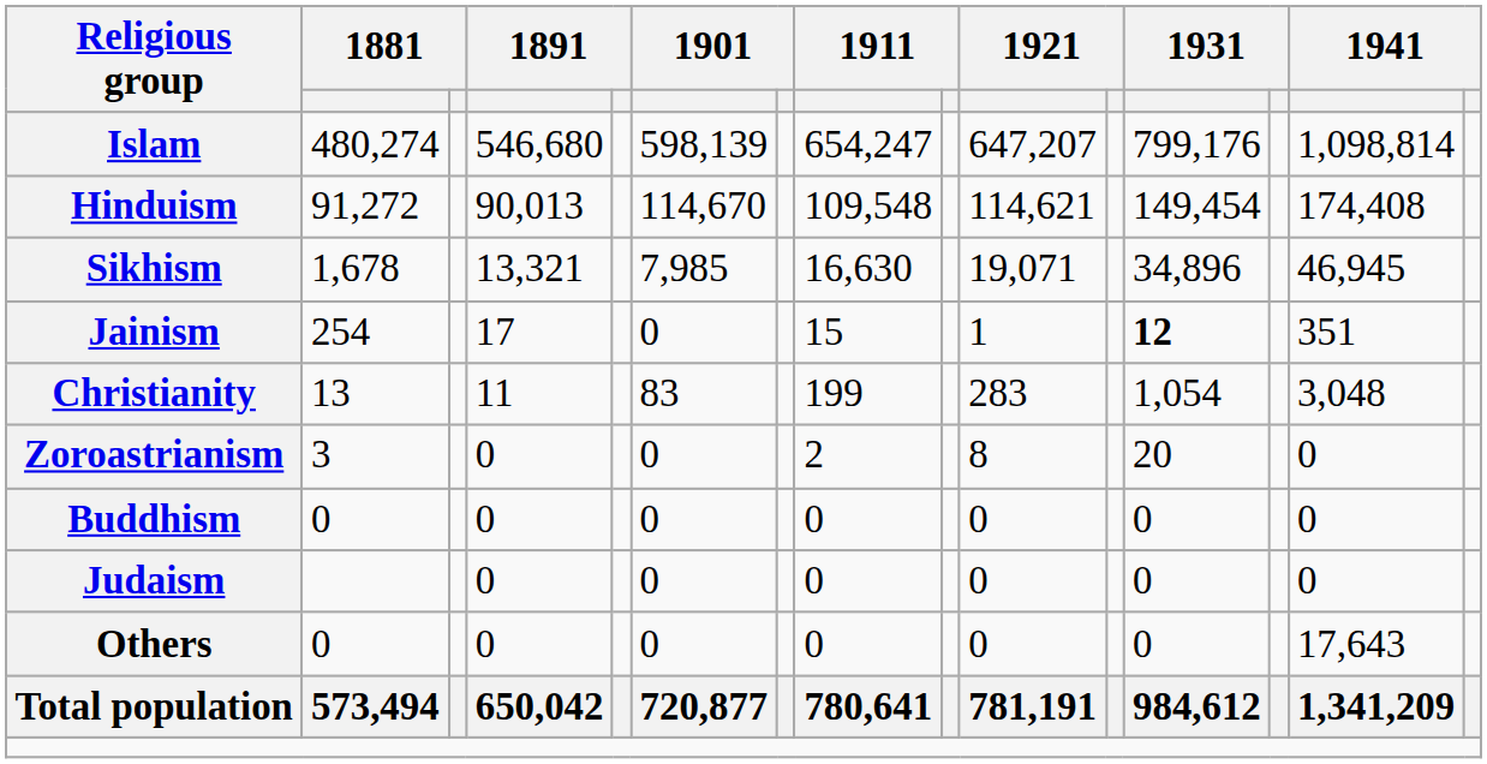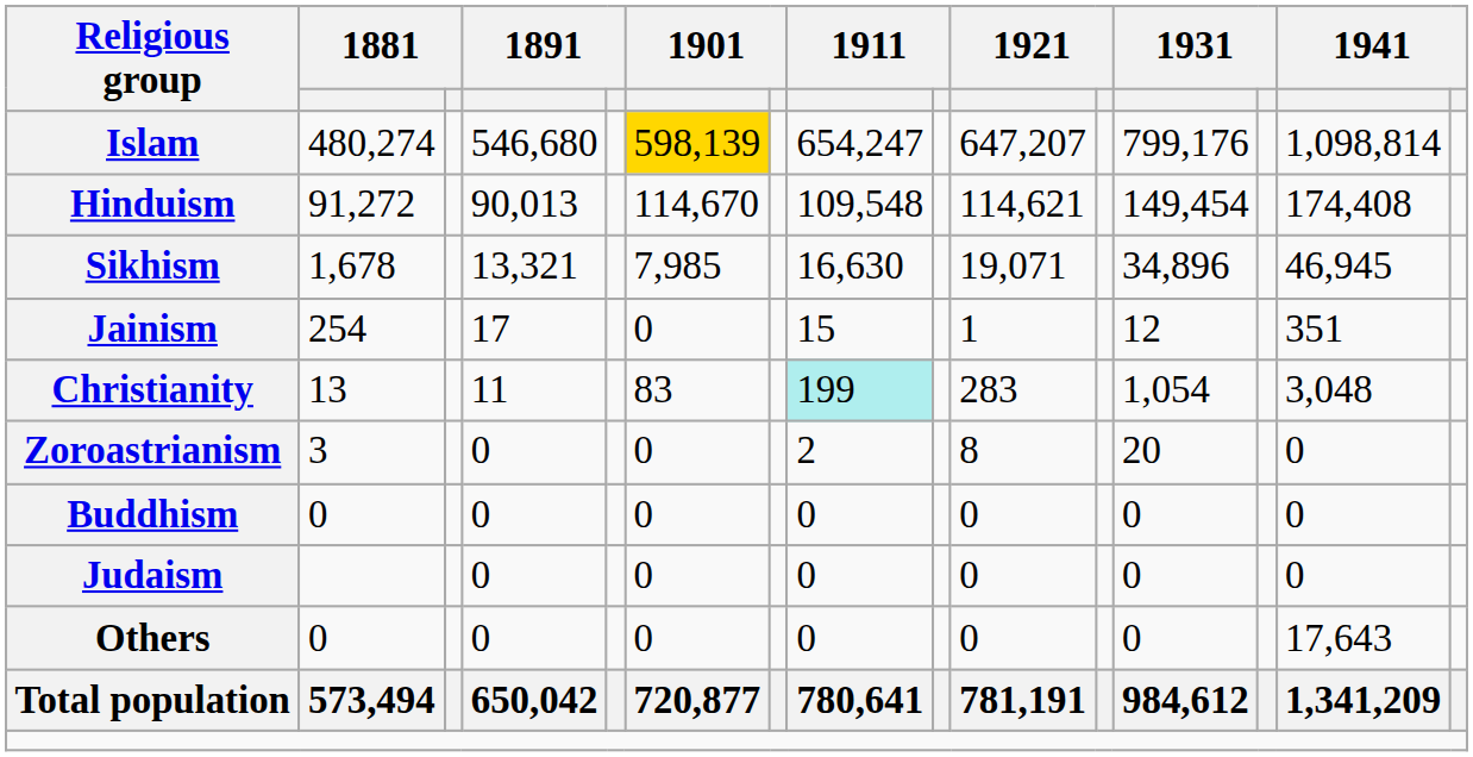 <table class="wikitable sortable">
 <tr>
 <th rowspan="2"><a href='#'>Religious</a><br>group</th>
 <th colspan="2">1881</th>
 <th colspan="2">1891</th>
 <th colspan="2">1901</th>
 <th colspan="2">1911</th>
 <th colspan="2">1921</th>
 <th colspan="2">1931</th>
 <th colspan="2">1941</th>
 </tr>
 <tr>
 <th><a href='#'></a></th>
 <th></th>
 <th></th>
 <th></th>
 <th></th>
 <th></th>
 <th></th>
 <th></th>
 <th></th>
 <th></th>
 <th></th>
 <th></th>
 <th></th>
 <th></th>
 </tr>
 <tr>
 <th><a href='#'>Islam</a> </th>
 <td>480,274</td>
 <td></td>
 <td>546,680</td>
 <td></td>
-<td>598,139</td>
+<td style="background: gold;">598,139</td>
 <td></td>
 <td>654,247</td>
 <td></td>
 <td>647,207</td>
 <td></td>
 <td>799,176</td>
 <td></td>
 <td>1,098,814</td>
 <td></td>
 </tr>
 <tr>
 <th><a href='#'>Hinduism</a> </th>
 <td>91,272</td>
 <td></td>
 <td>90,013</td>
 <td></td>
 <td>114,670</td>
 <td></td>
 <td>109,548</td>
 <td></td>
 <td>114,621</td>
 <td></td>
 <td>149,454</td>
 <td></td>
 <td>174,408</td>
 <td></td>
 </tr>
 <tr>
 <th><a href='#'>Sikhism</a> </th>
 <td>1,678</td>
 <td></td>
 <td>13,321</td>
 <td></td>
 <td>7,985</td>
 <td></td>
 <td>16,630</td>
 <td></td>
 <td>19,071</td>
 <td></td>
 <td>34,896</td>
 <td></td>
 <td>46,945</td>
 <td></td>
 </tr>
 <tr>
 <th><a href='#'>Jainism</a> </th>
 <td>254</td>
 <td></td>
 <td>17</td>
 <td></td>
 <td>0</td>
 <td></td>
 <td>15</td>
 <td></td>
 <td>1</td>
 <td></td>
-<td><strong>12</strong></td>
+<td>12</td>
 <td></td>
 <td>351</td>
 <td></td>
 </tr>
 <tr>
 <th><a href='#'>Christianity</a> </th>
 <td>13</td>
 <td></td>
 <td>11</td>
 <td></td>
 <td>83</td>
 <td></td>
-<td>199</td>
+<td style="background: paleturquoise;">199</td>
 <td></td>
 <td>283</td>
 <td></td>
 <td>1,054</td>
 <td></td>
 <td>3,048</td>
 <td></td>
 </tr>
 <tr>
 <th><a href='#'>Zoroastrianism</a> </th>
 <td>3</td>
 <td></td>
 <td>0</td>
 <td></td>
 <td>0</td>
 <td></td>
 <td>2</td>
 <td></td>
 <td>8</td>
 <td></td>
 <td>20</td>
 <td></td>
 <td>0</td>
 <td></td>
 </tr>
 <tr>
 <th><a href='#'>Buddhism</a> </th>
 <td>0</td>
 <td></td>
 <td>0</td>
 <td></td>
 <td>0</td>
 <td></td>
 <td>0</td>
 <td></td>
 <td>0</td>
 <td></td>
 <td>0</td>
 <td></td>
 <td>0</td>
 <td></td>
 </tr>
 <tr>
 <th><a href='#'>Judaism</a> </th>
 <td></td>
 <td></td>
 <td>0</td>
 <td></td>
 <td>0</td>
 <td></td>
 <td>0</td>
 <td></td>
 <td>0</td>
 <td></td>
 <td>0</td>
 <td></td>
 <td>0</td>
 <td></td>
 </tr>
 <tr>
 <th>Others</th>
 <td>0</td>
 <td></td>
 <td>0</td>
 <td></td>
 <td>0</td>
 <td></td>
 <td>0</td>
 <td></td>
 <td>0</td>
 <td></td>
 <td>0</td>
 <td></td>
 <td>17,643</td>
 <td></td>
 </tr>
 <tr>
 <th>Total population</th>
 <th>573,494</th>
 <th></th>
 <th>650,042</th>
 <th></th>
 <th>720,877</th>
 <th></th>
 <th>780,641</th>
 <th></th>
 <th>781,191</th>
 <th></th>
 <th>984,612</th>
 <th></th>
 <th>1,341,209</th>
 <th></th>
 </tr>
 <tr class="sortbottom">
 <td colspan="15"></td>
 </tr>
 </table>
